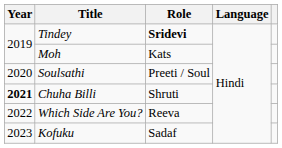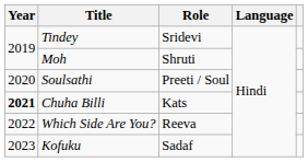 <table class="wikitable sortable">
 <tr>
 <th>Year</th>
 <th>Title</th>
 <th>Role</th>
 <th>Language</th>
 <th></th>
 </tr>
 <tr>
 <td rowspan="2">2019</td>
 <td><em>Tindey</em></td>
-<td><strong>Sridevi</strong></td>
+<td>Sridevi</td>
 <td rowspan="6">Hindi</td>
 <td></td>
 </tr>
 <tr>
 <td><em>Moh</em></td>
-<td>Kats</td>
+<td>Shruti</td>
 <td></td>
 </tr>
 <tr>
 <td>2020</td>
 <td><em>Soulsathi</em></td>
 <td>Preeti / Soul</td>
 <td></td>
 </tr>
 <tr>
 <td><strong>2021</strong></td>
 <td><em>Chuha Billi</em></td>
-<td>Shruti</td>
+<td>Kats</td>
 <td></td>
 </tr>
 <tr>
 <td>2022</td>
 <td><em>Which Side Are You?</em></td>
 <td>Reeva</td>
 <td></td>
 </tr>
 <tr>
 <td>2023</td>
 <td><em>Kofuku</em></td>
 <td>Sadaf</td>
 <td></td>
 </tr>
 </table>
